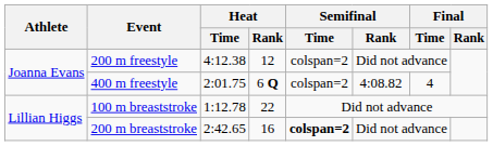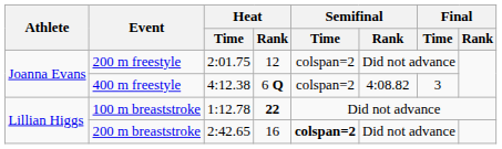 <table class=wikitable style=font-size:90%>
 <tr>
 <th rowspan=2>Athlete</th>
 <th rowspan=2>Event</th>
 <th colspan=2>Heat</th>
 <th colspan=2>Semifinal</th>
 <th colspan=2>Final</th>
 </tr>
 <tr style=font-size:95%>
 <th>Time</th>
 <th>Rank</th>
 <th>Time</th>
 <th>Rank</th>
 <th>Time</th>
 <th>Rank</th>
 </tr>
 <tr align=center>
 <td align=left rowspan=2><a href='#'>Joanna Evans</a></td>
 <td align=left><a href='#'>200 m freestyle</a></td>
-<td>4:12.38</td>
+<td>2:01.75</td>
 <td>12</td>
 <td>colspan=2 </td>
 <td colspan=2>Did not advance</td>
 </tr>
 <tr align=center>
 <td align=left><a href='#'>400 m freestyle</a></td>
-<td>2:01.75</td>
+<td>4:12.38</td>
 <td>6 <strong>Q</strong></td>
 <td>colspan=2 </td>
 <td>4:08.82</td>
-<td>4</td>
+<td>3</td>
 </tr>
 <tr align=center>
 <td align=left rowspan=2><a href='#'>Lillian Higgs</a></td>
 <td align=left><a href='#'>100 m breaststroke</a></td>
 <td>1:12.78</td>
-<td>22</td>
+<td><strong>22</strong></td>
 <td colspan=4>Did not advance</td>
 </tr>
 <tr align=center>
 <td align=left><a href='#'>200 m breaststroke</a></td>
 <td>2:42.65</td>
 <td>16</td>
 <td><strong>colspan=2 </strong></td>
 <td colspan=2>Did not advance</td>
 </tr>
 </table>
